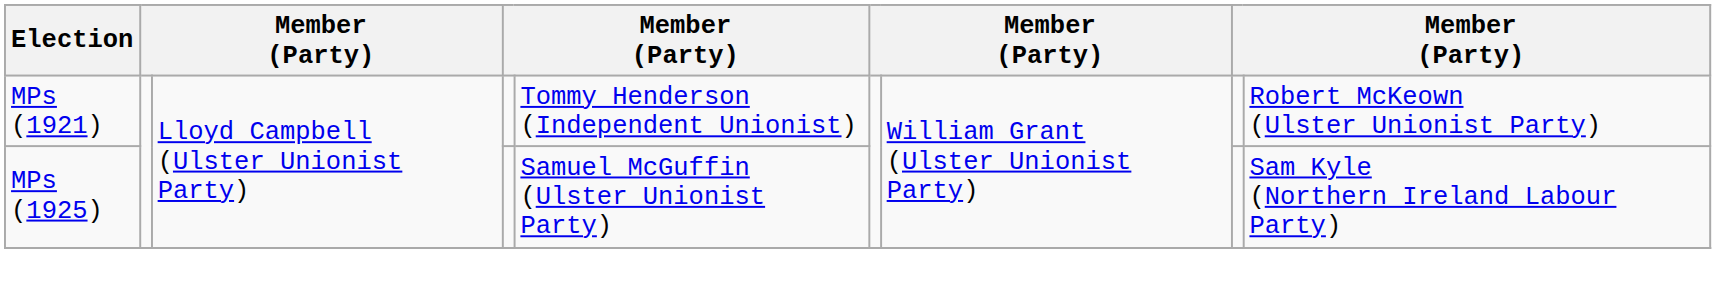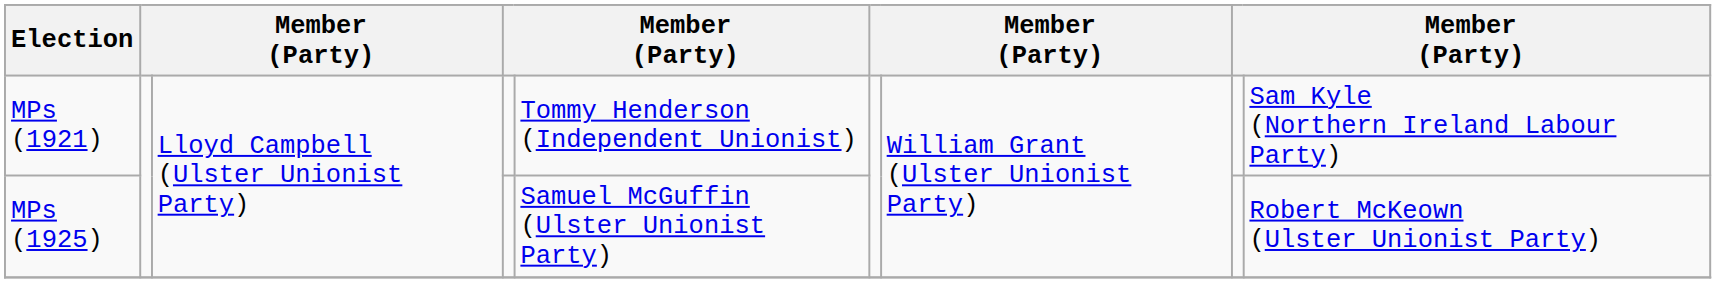 <table class="wikitable">
 <tr>
 <th>Election</th>
 <th colspan=2>Member<br>(Party)</th>
 <th colspan=2>Member<br>(Party)</th>
 <th colspan=2>Member<br>(Party)</th>
 <th colspan=2>Member<br>(Party)</th>
 </tr>
 <tr>
 <td><a href='#'>MPs</a> <br>(<a href='#'>1921</a>)</td>
 <td rowspan=2 style="background:"></td>
 <td rowspan=2><a href='#'>Lloyd Campbell</a> <br>(<a href='#'>Ulster Unionist Party</a>)</td>
 <td style="background:"></td>
 <td rowspan=1><a href='#'>Tommy Henderson</a><br>(<a href='#'>Independent Unionist</a>)</td>
 <td rowspan=2 style="background:"></td>
 <td rowspan=2><a href='#'>William Grant</a> <br>(<a href='#'>Ulster Unionist Party</a>)</td>
 <td style="background:"></td>
-<td><a href='#'>Robert McKeown</a> <br>(<a href='#'>Ulster Unionist Party</a>)</td>
+<td><a href='#'>Sam Kyle</a> <br>(<a href='#'>Northern Ireland Labour Party</a>)</td>
 </tr>
 <tr>
 <td><a href='#'>MPs</a> <br>(<a href='#'>1925</a>)</td>
 <td rowspan=1 style="background:"></td>
 <td><a href='#'>Samuel McGuffin</a> <br>(<a href='#'>Ulster Unionist Party</a>)</td>
 <td style="background:"></td>
-<td><a href='#'>Sam Kyle</a> <br>(<a href='#'>Northern Ireland Labour Party</a>)</td>
+<td><a href='#'>Robert McKeown</a> <br>(<a href='#'>Ulster Unionist Party</a>)</td>
 </tr>
 <tr>
 </tr>
 </table>
